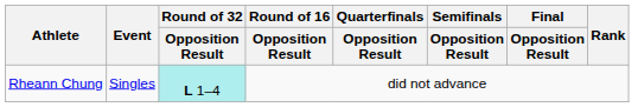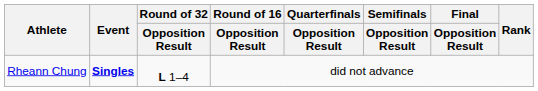 <table class="wikitable" style="font-size:90%">
 <tr>
 <th rowspan="2">Athlete</th>
 <th rowspan="2">Event</th>
 <th>Round of 32</th>
 <th>Round of 16</th>
 <th>Quarterfinals</th>
 <th>Semifinals</th>
 <th>Final</th>
 <th rowspan="2">Rank</th>
 </tr>
 <tr>
 <th>Opposition<br>Result</th>
 <th>Opposition<br>Result</th>
 <th>Opposition<br>Result</th>
 <th>Opposition<br>Result</th>
 <th>Opposition<br>Result</th>
 </tr>
 <tr align=center>
 <td align=left><a href='#'>Rheann Chung</a></td>
-<td align=left><a href='#'>Singles</a></td>
-<td style="background: paleturquoise;"><br><strong>L</strong> 1–4</td>
+<td align=left><strong><a href='#'>Singles</a></strong></td>
+<td><br><strong>L</strong> 1–4</td>
 <td colspan=5>did not advance</td>
 </tr>
 </table>
